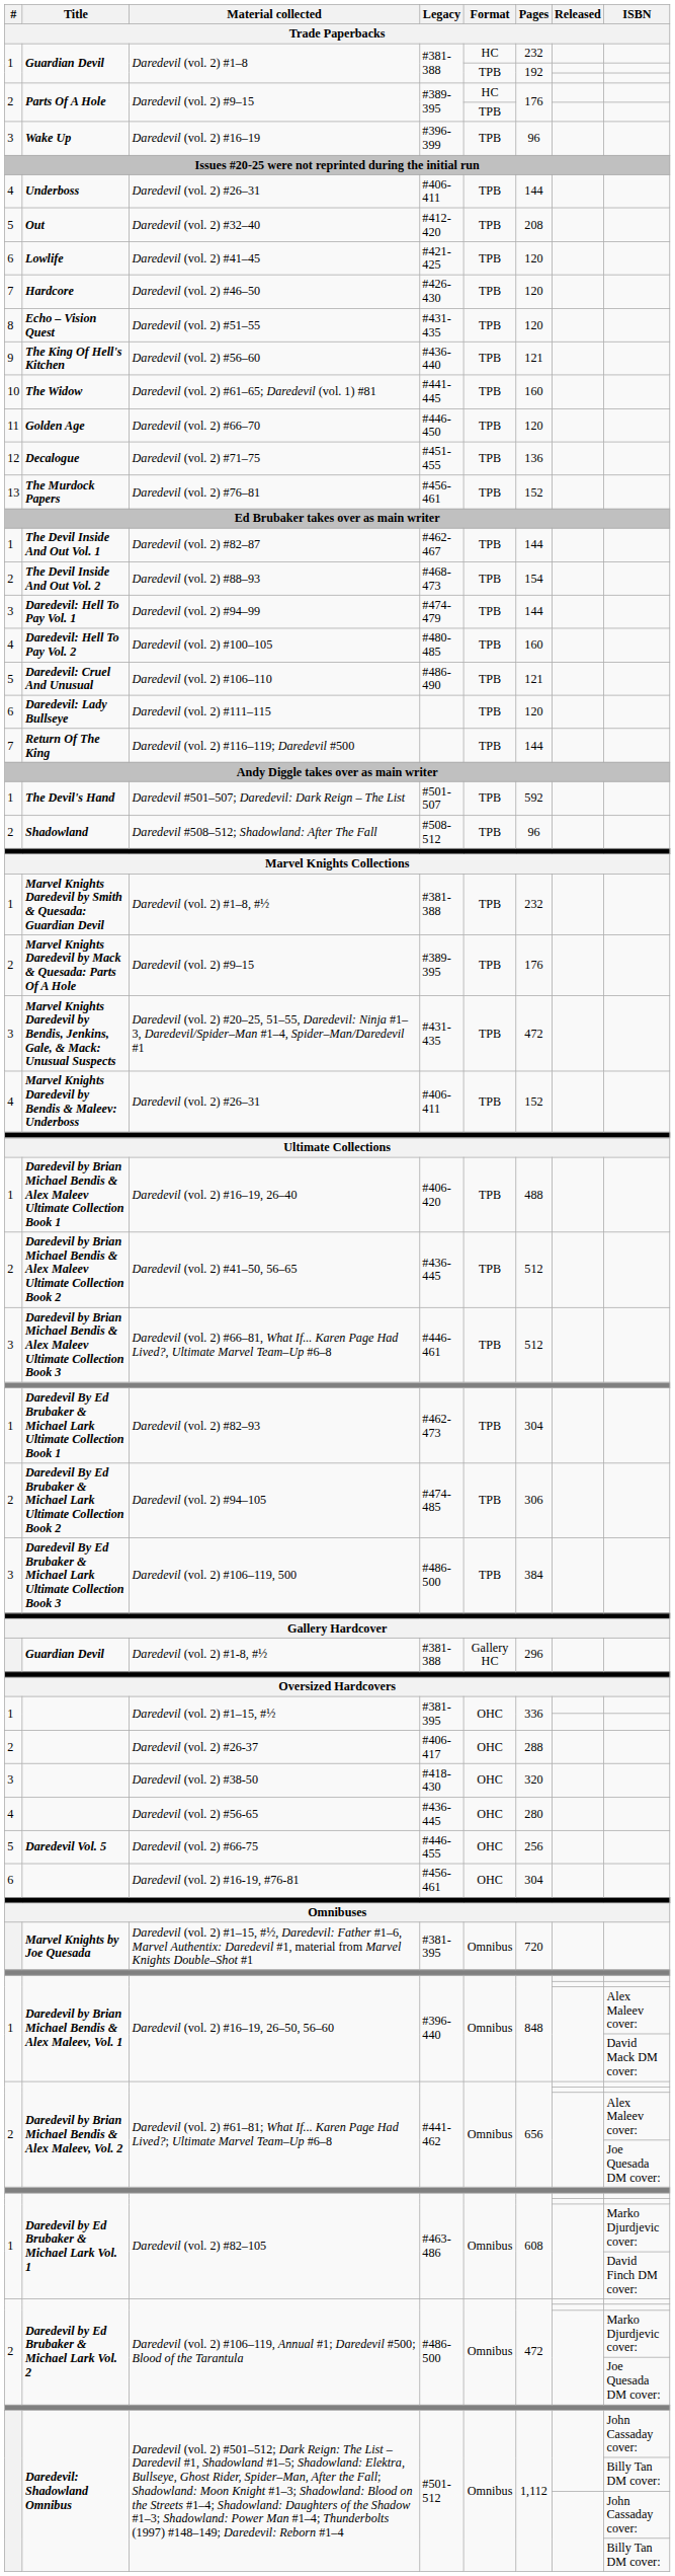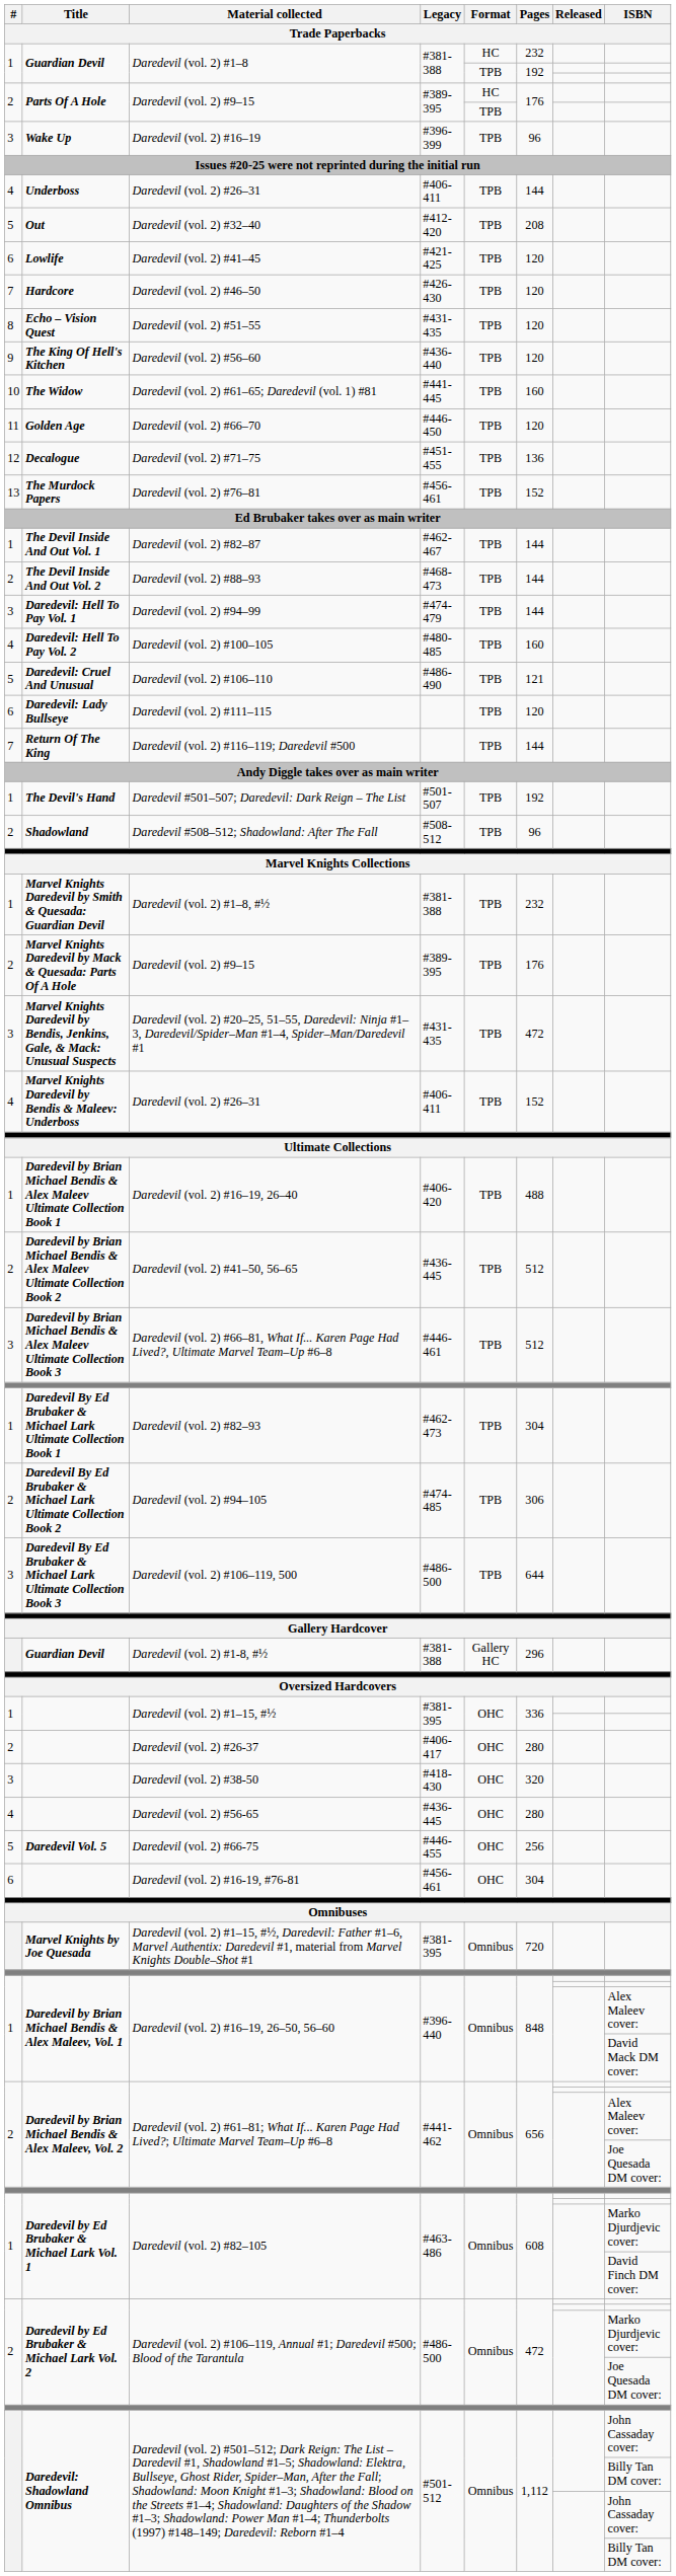 <table class="wikitable sortable" width=98%>
 <tr>
 <th>#</th>
 <th>Title</th>
 <th>Material collected</th>
 <th>Legacy</th>
 <th class="unsortable">Format</th>
 <th>Pages</th>
 <th>Released</th>
 <th class="unsortable">ISBN</th>
 </tr>
 <tr>
 <th colspan=8>Trade Paperbacks</th>
 </tr>
 <tr>
 <td rowspan=3>1</td>
 <td rowspan=3><strong><em>Guardian Devil</em></strong></td>
 <td rowspan=3><em>Daredevil</em> (vol. 2) #1–8</td>
 <td rowspan=3>#381-388</td>
 <td style="text-align: center;">HC</td>
 <td style="text-align: center;">232</td>
 <td></td>
 <td></td>
 </tr>
 <tr>
 <td rowspan=2 style="text-align: center;">TPB</td>
 <td rowspan=2 style="text-align: center;">192</td>
 <td></td>
 <td></td>
 </tr>
 <tr>
 <td></td>
 <td></td>
 </tr>
 <tr>
 <td rowspan=2>2</td>
 <td rowspan=2><strong><em>Parts Of A Hole</em></strong></td>
 <td rowspan=2><em>Daredevil</em> (vol. 2) #9–15</td>
 <td rowspan=2>#389-395</td>
 <td style="text-align: center;">HC</td>
 <td rowspan=2 style="text-align: center;">176</td>
 <td></td>
 <td></td>
 </tr>
 <tr>
 <td style="text-align: center;">TPB</td>
 <td></td>
 <td></td>
 </tr>
 <tr>
 <td>3</td>
 <td><strong><em>Wake Up</em></strong></td>
 <td><em>Daredevil</em> (vol. 2) #16–19</td>
 <td>#396-399</td>
 <td style="text-align: center;">TPB</td>
 <td style="text-align: center;">96</td>
 <td></td>
 <td></td>
 </tr>
 <tr>
 <td colspan=8 style="background-color: silver; text-align: center;"><strong>Issues #20-25 were not reprinted during the initial run</strong></td>
 </tr>
 <tr>
 <td>4</td>
 <td><strong><em>Underboss</em></strong></td>
 <td><em>Daredevil</em> (vol. 2) #26–31</td>
 <td>#406-411</td>
 <td style="text-align: center;">TPB</td>
 <td style="text-align: center;">144</td>
 <td></td>
 <td></td>
 </tr>
 <tr>
 <td>5</td>
 <td><strong><em>Out</em></strong></td>
 <td><em>Daredevil</em> (vol. 2) #32–40</td>
 <td>#412-420</td>
 <td style="text-align: center;">TPB</td>
 <td style="text-align: center;">208</td>
 <td></td>
 <td></td>
 </tr>
 <tr>
 <td>6</td>
 <td><strong><em>Lowlife</em></strong></td>
 <td><em>Daredevil</em> (vol. 2) #41–45</td>
 <td>#421-425</td>
 <td style="text-align: center;">TPB</td>
 <td style="text-align: center;">120</td>
 <td></td>
 <td></td>
 </tr>
 <tr>
 <td>7</td>
 <td><strong><em>Hardcore</em></strong></td>
 <td><em>Daredevil</em> (vol. 2) #46–50</td>
 <td>#426-430</td>
 <td style="text-align: center;">TPB</td>
 <td style="text-align: center;">120</td>
 <td></td>
 <td></td>
 </tr>
 <tr>
 <td>8</td>
 <td><strong><em>Echo – Vision Quest</em></strong></td>
 <td><em>Daredevil</em> (vol. 2) #51–55</td>
 <td>#431-435</td>
 <td style="text-align: center;">TPB</td>
 <td style="text-align: center;">120</td>
 <td></td>
 <td></td>
 </tr>
 <tr>
 <td>9</td>
 <td><strong><em>The King Of Hell's Kitchen</em></strong></td>
 <td><em>Daredevil</em> (vol. 2) #56–60</td>
 <td>#436-440</td>
 <td style="text-align: center;">TPB</td>
-<td style="text-align: center;">121</td>
+<td style="text-align: center;">120</td>
 <td></td>
 <td></td>
 </tr>
 <tr>
 <td>10</td>
 <td><strong><em>The Widow</em></strong></td>
 <td><em>Daredevil</em> (vol. 2) #61–65; <em>Daredevil</em> (vol. 1) #81</td>
 <td>#441-445</td>
 <td style="text-align: center;">TPB</td>
 <td style="text-align: center;">160</td>
 <td></td>
 <td></td>
 </tr>
 <tr>
 <td>11</td>
 <td><strong><em>Golden Age</em></strong></td>
 <td><em>Daredevil</em> (vol. 2) #66–70</td>
 <td>#446-450</td>
 <td style="text-align: center;">TPB</td>
 <td style="text-align: center;">120</td>
 <td></td>
 <td></td>
 </tr>
 <tr>
 <td>12</td>
 <td><strong><em>Decalogue</em></strong></td>
 <td><em>Daredevil</em> (vol. 2) #71–75</td>
 <td>#451-455</td>
 <td style="text-align: center;">TPB</td>
 <td style="text-align: center;">136</td>
 <td></td>
 <td></td>
 </tr>
 <tr>
 <td>13</td>
 <td><strong><em>The Murdock Papers</em></strong></td>
 <td><em>Daredevil</em> (vol. 2) #76–81</td>
 <td>#456-461</td>
 <td style="text-align: center;">TPB</td>
 <td style="text-align: center;">152</td>
 <td></td>
 <td></td>
 </tr>
 <tr>
 <td colspan=8 style="background-color: silver; text-align: center;"><strong>Ed Brubaker takes over as main writer</strong></td>
 </tr>
 <tr>
 <td>1</td>
 <td><strong><em>The Devil Inside And Out Vol. 1</em></strong></td>
 <td><em>Daredevil</em> (vol. 2) #82–87</td>
 <td>#462-467</td>
 <td style="text-align: center;">TPB</td>
 <td style="text-align: center;">144</td>
 <td></td>
 <td></td>
 </tr>
 <tr>
 <td>2</td>
 <td><strong><em>The Devil Inside And Out Vol. 2</em></strong></td>
 <td><em>Daredevil</em> (vol. 2) #88–93</td>
 <td>#468-473</td>
 <td style="text-align: center;">TPB</td>
-<td style="text-align: center;">154</td>
+<td style="text-align: center;">144</td>
 <td></td>
 <td></td>
 </tr>
 <tr>
 <td>3</td>
 <td><strong><em>Daredevil: Hell To Pay Vol. 1</em></strong></td>
 <td><em>Daredevil</em> (vol. 2) #94–99</td>
 <td>#474-479</td>
 <td style="text-align: center;">TPB</td>
 <td style="text-align: center;">144</td>
 <td></td>
 <td></td>
 </tr>
 <tr>
 <td>4</td>
 <td><strong><em>Daredevil: Hell To Pay Vol. 2</em></strong></td>
 <td><em>Daredevil</em> (vol. 2) #100–105</td>
 <td>#480-485</td>
 <td style="text-align: center;">TPB</td>
 <td style="text-align: center;">160</td>
 <td></td>
 <td></td>
 </tr>
 <tr>
 <td>5</td>
 <td><strong><em>Daredevil: Cruel And Unusual</em></strong></td>
 <td><em>Daredevil</em> (vol. 2) #106–110</td>
 <td>#486-490</td>
 <td style="text-align: center;">TPB</td>
 <td style="text-align: center;">121</td>
 <td></td>
 <td></td>
 </tr>
 <tr>
 <td>6</td>
 <td><strong><em>Daredevil: Lady Bullseye</em></strong></td>
 <td><em>Daredevil</em> (vol. 2) #111–115</td>
 <td></td>
 <td style="text-align: center;">TPB</td>
 <td style="text-align: center;">120</td>
 <td></td>
 <td></td>
 </tr>
 <tr>
 <td>7</td>
 <td><strong><em>Return Of The King</em></strong></td>
 <td><em>Daredevil</em> (vol. 2) #116–119; <em>Daredevil</em> #500</td>
 <td></td>
 <td style="text-align: center;">TPB</td>
 <td style="text-align: center;">144</td>
 <td></td>
 <td></td>
 </tr>
 <tr>
 <td colspan=8 style="background-color: silver; text-align: center;"><strong>Andy Diggle takes over as main writer</strong></td>
 </tr>
 <tr>
 <td>1</td>
 <td><strong><em>The Devil's Hand</em></strong></td>
 <td><em>Daredevil</em> #501–507; <em>Daredevil: Dark Reign – The List</em></td>
 <td>#501-507</td>
 <td style="text-align: center;">TPB</td>
-<td style="text-align: center;">592</td>
+<td style="text-align: center;">192</td>
 <td></td>
 <td></td>
 </tr>
 <tr>
 <td>2</td>
 <td><strong><em>Shadowland</em></strong></td>
 <td><em>Daredevil</em> #508–512; <em>Shadowland: After The Fall</em></td>
 <td>#508-512</td>
 <td style="text-align: center;">TPB</td>
 <td style="text-align: center;">96</td>
 <td></td>
 <td></td>
 </tr>
 <tr>
 <td colspan=8 style="background-color: black;"></td>
 </tr>
 <tr>
 <th colspan=8>Marvel Knights Collections</th>
 </tr>
 <tr>
 <td>1</td>
 <td><strong><em>Marvel Knights Daredevil by Smith & Quesada: Guardian Devil</em></strong></td>
 <td><em>Daredevil</em> (vol. 2) #1–8, #½</td>
 <td>#381-388</td>
 <td style="text-align: center;">TPB</td>
 <td style="text-align: center;">232</td>
 <td></td>
 <td></td>
 </tr>
 <tr>
 <td>2</td>
 <td><strong><em>Marvel Knights Daredevil by Mack & Quesada: Parts Of A Hole</em></strong></td>
 <td><em>Daredevil</em> (vol. 2) #9–15</td>
 <td>#389-395</td>
 <td style="text-align: center;">TPB</td>
 <td style="text-align: center;">176</td>
 <td></td>
 <td></td>
 </tr>
 <tr>
 <td>3</td>
 <td><strong><em>Marvel Knights Daredevil by Bendis, Jenkins, Gale, & Mack: Unusual Suspects</em></strong></td>
 <td><em>Daredevil</em> (vol. 2) #20–25, 51–55, <em>Daredevil: Ninja</em> #1–3, <em>Daredevil/Spider–Man</em> #1–4, <em>Spider–Man/Daredevil</em> #1</td>
 <td> #431-435</td>
 <td style="text-align: center;">TPB</td>
 <td style="text-align: center;">472</td>
 <td></td>
 <td></td>
 </tr>
 <tr>
 <td>4</td>
 <td><strong><em>Marvel Knights Daredevil by Bendis & Maleev: Underboss</em></strong></td>
 <td><em>Daredevil</em> (vol. 2) #26–31</td>
 <td>#406-411</td>
 <td style="text-align: center;">TPB</td>
 <td style="text-align: center;">152</td>
 <td></td>
 <td></td>
 </tr>
 <tr>
 <td colspan=8 style="background-color: black;"></td>
 </tr>
 <tr>
 <th colspan=8>Ultimate Collections</th>
 </tr>
 <tr>
 <td>1</td>
 <td><strong><em>Daredevil by Brian Michael Bendis & Alex Maleev Ultimate Collection Book 1</em></strong></td>
 <td><em>Daredevil</em> (vol. 2) #16–19, 26–40</td>
 <td> #406-420</td>
 <td style="text-align: center;">TPB</td>
 <td style="text-align: center;">488</td>
 <td></td>
 <td></td>
 </tr>
 <tr>
 <td>2</td>
 <td><strong><em>Daredevil by Brian Michael Bendis & Alex Maleev Ultimate Collection Book 2</em></strong></td>
 <td><em>Daredevil</em> (vol. 2) #41–50, 56–65</td>
 <td> #436-445</td>
 <td style="text-align: center;">TPB</td>
 <td style="text-align: center;">512</td>
 <td></td>
 <td></td>
 </tr>
 <tr>
 <td>3</td>
 <td><strong><em>Daredevil by Brian Michael Bendis & Alex Maleev Ultimate Collection Book 3</em></strong></td>
 <td><em>Daredevil</em> (vol. 2) #66–81, <em>What If... Karen Page Had Lived?</em>, <em>Ultimate Marvel Team–Up</em> #6–8</td>
 <td>#446-461</td>
 <td style="text-align: center;">TPB</td>
 <td style="text-align: center;">512</td>
 <td></td>
 <td></td>
 </tr>
 <tr>
 <td colspan=8 style="background-color: grey;"></td>
 </tr>
 <tr>
 <td>1</td>
 <td><strong><em>Daredevil By Ed Brubaker & Michael Lark Ultimate Collection Book 1</em></strong></td>
 <td><em>Daredevil</em> (vol. 2) #82–93</td>
 <td>#462-473</td>
 <td style="text-align: center;">TPB</td>
 <td style="text-align: center;">304</td>
 <td></td>
 <td></td>
 </tr>
 <tr>
 <td>2</td>
 <td><strong><em>Daredevil By Ed Brubaker & Michael Lark Ultimate Collection Book 2</em></strong></td>
 <td><em>Daredevil</em> (vol. 2) #94–105</td>
 <td>#474-485</td>
 <td style="text-align: center;">TPB</td>
 <td style="text-align: center;">306</td>
 <td></td>
 <td></td>
 </tr>
 <tr>
 <td>3</td>
 <td><strong><em>Daredevil By Ed Brubaker & Michael Lark Ultimate Collection Book 3</em></strong></td>
 <td><em>Daredevil</em> (vol. 2) #106–119, 500</td>
 <td>#486-500</td>
 <td style="text-align: center;">TPB</td>
-<td style="text-align: center;">384</td>
+<td style="text-align: center;">644</td>
 <td></td>
 <td></td>
 </tr>
 <tr>
 <td colspan=8 style="background-color: black;"></td>
 </tr>
 <tr>
 <th colspan=8>Gallery Hardcover</th>
 </tr>
 <tr>
 <th style="background-color: light grey;"></th>
 <td><strong><em>Guardian Devil</em></strong></td>
 <td><em>Daredevil</em> (vol. 2) #1-8, #½</td>
 <td>#381-388</td>
 <td style="text-align: center;">Gallery HC</td>
 <td style="text-align: center;">296</td>
 <td></td>
 <td></td>
 </tr>
 <tr>
 <td colspan=8 style="background-color: black;"></td>
 </tr>
 <tr>
 <th colspan=8>Oversized Hardcovers</th>
 </tr>
 <tr>
 <td rowspan=2>1</td>
 <td rowspan=2></td>
 <td rowspan=2><em>Daredevil</em> (vol. 2) #1–15, #½</td>
 <td rowspan=2>#381-395</td>
 <td rowspan=2 style="text-align: center;">OHC</td>
 <td rowspan=2 style="text-align: center;">336</td>
 <td></td>
 <td></td>
 </tr>
 <tr>
 <td></td>
 <td></td>
 </tr>
 <tr>
 <td>2</td>
 <td></td>
 <td><em>Daredevil</em> (vol. 2) #26-37</td>
 <td>#406-417</td>
 <td style="text-align: center;">OHC</td>
-<td style="text-align: center;">288</td>
+<td style="text-align: center;">280</td>
 <td></td>
 <td></td>
 </tr>
 <tr>
 <td>3</td>
 <td></td>
 <td><em>Daredevil</em> (vol. 2) #38-50</td>
 <td>#418-430</td>
 <td style="text-align: center;">OHC</td>
 <td style="text-align: center;">320</td>
 <td></td>
 <td></td>
 </tr>
 <tr>
 <td>4</td>
 <td></td>
 <td><em>Daredevil</em> (vol. 2) #56-65</td>
 <td>#436-445</td>
 <td style="text-align: center;">OHC</td>
 <td style="text-align: center;">280</td>
 <td></td>
 <td></td>
 </tr>
 <tr>
 <td>5</td>
 <td><strong><em>Daredevil Vol. 5</em></strong></td>
 <td><em>Daredevil</em> (vol. 2) #66-75</td>
 <td>#446-455</td>
 <td style="text-align: center;">OHC</td>
 <td style="text-align: center;">256</td>
 <td></td>
 <td></td>
 </tr>
 <tr>
 <td>6</td>
 <td></td>
 <td><em>Daredevil</em> (vol. 2) #16-19, #76-81</td>
 <td> #456-461</td>
 <td style="text-align: center;">OHC</td>
 <td style="text-align: center;">304</td>
 <td></td>
 <td></td>
 </tr>
 <tr>
 <td colspan=8 style="background-color: black;"></td>
 </tr>
 <tr>
 <th colspan=8>Omnibuses</th>
 </tr>
 <tr>
 <th style="background-color: light grey;"></th>
 <td><strong><em>Marvel Knights by Joe Quesada</em></strong></td>
 <td><em>Daredevil</em> (vol. 2) #1–15, #½, <em>Daredevil: Father</em> #1–6, <em>Marvel Authentix: Daredevil</em> #1, material from <em>Marvel Knights Double–Shot</em> #1</td>
 <td>#381-395</td>
 <td style="text-align: center;">Omnibus</td>
 <td style="text-align: center;">720</td>
 <td></td>
 <td></td>
 </tr>
 <tr>
 <td colspan=8 style="background-color: grey;"></td>
 </tr>
 <tr>
 <td rowspan=4>1</td>
 <td rowspan=4><strong><em>Daredevil by Brian Michael Bendis & Alex Maleev, Vol. 1</em></strong></td>
 <td rowspan=4><em>Daredevil</em> (vol. 2) #16–19, 26–50, 56–60</td>
 <td rowspan=4>#396-440</td>
 <td rowspan=4 style="text-align: center;">Omnibus</td>
 <td rowspan=4 style="text-align: center;">848</td>
 <td></td>
 <td></td>
 </tr>
 <tr>
 <td></td>
 <td></td>
 </tr>
 <tr>
 <td rowspan=2></td>
 <td>Alex Maleev cover: </td>
 </tr>
 <tr>
 <td>David Mack DM cover: </td>
 </tr>
 <tr>
 <td rowspan=4>2</td>
 <td rowspan=4><strong><em>Daredevil by Brian Michael Bendis & Alex Maleev, Vol. 2</em></strong></td>
 <td rowspan=4><em>Daredevil</em> (vol. 2) #61–81; <em>What If... Karen Page Had Lived?</em>; <em>Ultimate Marvel Team–Up</em> #6–8</td>
 <td rowspan=4>#441-462</td>
 <td rowspan=4 style="text-align: center;">Omnibus</td>
 <td rowspan=4 style="text-align: center;">656</td>
 <td></td>
 <td></td>
 </tr>
 <tr>
 <td></td>
 <td></td>
 </tr>
 <tr>
 <td rowspan=2></td>
 <td>Alex Maleev cover: </td>
 </tr>
 <tr>
 <td>Joe Quesada DM cover: </td>
 </tr>
 <tr>
 <td colspan=8 style="background-color: grey;"></td>
 </tr>
 <tr>
 <td rowspan=4>1</td>
 <td rowspan=4><strong><em>Daredevil by Ed Brubaker & Michael Lark Vol. 1</em></strong></td>
 <td rowspan=4><em>Daredevil</em> (vol. 2) #82–105</td>
 <td rowspan=4>#463-486</td>
 <td rowspan=4 style="text-align: center;">Omnibus</td>
 <td rowspan=4 style="text-align: center;">608</td>
 <td></td>
 <td></td>
 </tr>
 <tr>
 <td></td>
 <td></td>
 </tr>
 <tr>
 <td rowspan=2></td>
 <td>Marko Djurdjevic cover: </td>
 </tr>
 <tr>
 <td rowspan=1>David Finch DM cover: </td>
 </tr>
 <tr>
 <td rowspan=4>2</td>
 <td rowspan=4><strong><em>Daredevil by Ed Brubaker & Michael Lark Vol. 2</em></strong></td>
 <td rowspan=4><em>Daredevil</em> (vol. 2) #106–119, <em>Annual</em> #1; <em>Daredevil</em> #500; <em>Blood of the Tarantula</em></td>
 <td rowspan=4>#486-500</td>
 <td rowspan=4 style="text-align: center;">Omnibus</td>
 <td rowspan=4 style="text-align: center;">472</td>
 <td></td>
 <td></td>
 </tr>
 <tr>
 <td></td>
 <td></td>
 </tr>
 <tr>
 <td rowspan=2></td>
 <td>Marko Djurdjevic cover: </td>
 </tr>
 <tr>
 <td>Joe Quesada DM cover: </td>
 </tr>
 <tr>
 <td colspan=8 style="background-color: grey;"></td>
 </tr>
 <tr>
 <th style="background-color: light grey;" rowspan=4></th>
 <td rowspan=4><strong><em>Daredevil: Shadowland Omnibus</em></strong></td>
 <td rowspan=4><em>Daredevil</em> (vol. 2) #501–512; <em>Dark Reign: The List – Daredevil</em> #1, <em>Shadowland</em> #1–5; <em>Shadowland: Elektra, Bullseye, Ghost Rider, Spider–Man, After the Fall</em>; <em>Shadowland: Moon Knight</em> #1–3; <em>Shadowland: Blood on the Streets</em> #1–4; <em>Shadowland: Daughters of the Shadow</em> #1–3; <em>Shadowland: Power Man</em> #1–4; <em>Thunderbolts</em> (1997) #148–149; <em>Daredevil: Reborn</em> #1–4</td>
 <td rowspan=4>#501-512</td>
 <td rowspan=4 style="text-align: center;">Omnibus</td>
 <td rowspan=4 style="text-align: center;">1,112</td>
 <td rowspan=2></td>
 <td>John Cassaday cover: </td>
 </tr>
 <tr>
 <td>Billy Tan DM cover: </td>
 </tr>
 <tr>
 <td rowspan=2></td>
 <td>John Cassaday cover: </td>
 </tr>
 <tr>
 <td>Billy Tan DM cover: </td>
 </tr>
 </table>
